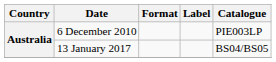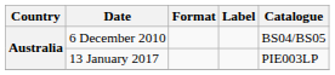 <table class="wikitable plainrowheaders">
 <tr>
 <th>Country</th>
 <th>Date</th>
 <th>Format</th>
 <th>Label</th>
 <th>Catalogue</th>
 </tr>
 <tr>
 <th rowspan="2" scope="row">Australia</th>
 <td>6 December 2010</td>
 <td></td>
 <td></td>
-<td>PIE003LP</td>
+<td>BS04/BS05</td>
 </tr>
 <tr>
 <td>13 January 2017</td>
 <td></td>
 <td></td>
-<td>BS04/BS05</td>
+<td>PIE003LP</td>
 </tr>
 <tr>
 </tr>
 </table>
